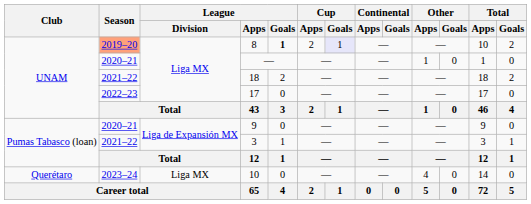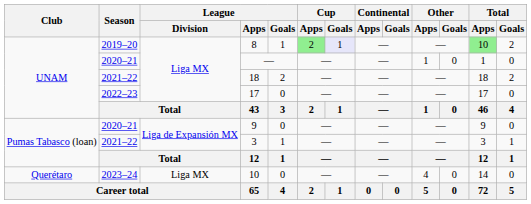 <table class="wikitable" style="text-align:center">
 <tr>
 <th rowspan="2">Club</th>
 <th rowspan="2">Season</th>
 <th colspan="3">League</th>
 <th colspan="2">Cup</th>
 <th colspan="2">Continental</th>
 <th colspan="2">Other</th>
 <th colspan="2">Total</th>
 </tr>
 <tr>
 <th>Division</th>
 <th>Apps</th>
 <th>Goals</th>
 <th>Apps</th>
 <th>Goals</th>
 <th>Apps</th>
 <th>Goals</th>
 <th>Apps</th>
 <th>Goals</th>
 <th>Apps</th>
 <th>Goals</th>
 </tr>
 <tr>
 <td rowspan="5"><a href='#'>UNAM</a></td>
-<td style="background: lightsalmon;"><a href='#'>2019–20</a></td>
+<td><a href='#'>2019–20</a></td>
 <td rowspan="4"><a href='#'>Liga MX</a></td>
 <td>8</td>
-<td><strong>1</strong></td>
-<td>2</td>
+<td>1</td>
+<td style="background: lightgreen;">2</td>
 <td style="background: lavender;">1</td>
 <td colspan=2>—</td>
 <td colspan=2>—</td>
-<td>10</td>
+<td style="background: lightgreen;">10</td>
 <td>2</td>
 </tr>
 <tr>
 <td><a href='#'>2020–21</a></td>
 <td colspan=2>—</td>
 <td colspan=2>—</td>
 <td colspan=2>—</td>
 <td>1</td>
 <td>0</td>
 <td>1</td>
 <td>0</td>
 </tr>
 <tr>
 <td><a href='#'>2021–22</a></td>
 <td>18</td>
 <td>2</td>
 <td colspan=2>—</td>
 <td colspan=2>—</td>
 <td colspan=2>—</td>
 <td>18</td>
 <td>2</td>
 </tr>
 <tr>
 <td><a href='#'>2022–23</a></td>
 <td>17</td>
 <td>0</td>
 <td colspan=2>—</td>
 <td colspan=2>—</td>
 <td colspan=2>—</td>
 <td>17</td>
 <td>0</td>
 </tr>
 <tr>
 <th colspan="2">Total</th>
 <th>43</th>
 <th>3</th>
 <th>2</th>
 <th>1</th>
 <th colspan=2>—</th>
 <th>1</th>
 <th>0</th>
 <th>46</th>
 <th>4</th>
 </tr>
 <tr>
 <td rowspan="3"><a href='#'>Pumas Tabasco</a> (loan)</td>
 <td><a href='#'>2020–21</a></td>
 <td rowspan="2"><a href='#'>Liga de Expansión MX</a></td>
 <td>9</td>
 <td>0</td>
 <td colspan=2>—</td>
 <td colspan=2>—</td>
 <td colspan=2>—</td>
 <td>9</td>
 <td>0</td>
 </tr>
 <tr>
 <td><a href='#'>2021–22</a></td>
 <td>3</td>
 <td>1</td>
 <td colspan=2>—</td>
 <td colspan=2>—</td>
 <td colspan=2>—</td>
 <td>3</td>
 <td>1</td>
 </tr>
 <tr>
 <th colspan="2">Total</th>
 <th>12</th>
 <th>1</th>
 <th colspan=2>—</th>
 <th colspan=2>—</th>
 <th colspan=2>—</th>
 <th>12</th>
 <th>1</th>
 </tr>
 <tr>
 <td rowspan="1"><a href='#'>Querétaro</a></td>
 <td><a href='#'>2023–24</a></td>
 <td rowspan="1">Liga MX</td>
 <td>10</td>
 <td>0</td>
 <td colspan=2>—</td>
 <td colspan=2>—</td>
 <td>4</td>
 <td>0</td>
 <td>14</td>
 <td>0</td>
 </tr>
 <tr>
 <th colspan="3">Career total</th>
 <th>65</th>
 <th>4</th>
 <th>2</th>
 <th>1</th>
 <th>0</th>
 <th>0</th>
 <th>5</th>
 <th>0</th>
 <th>72</th>
 <th>5</th>
 </tr>
 </table>
